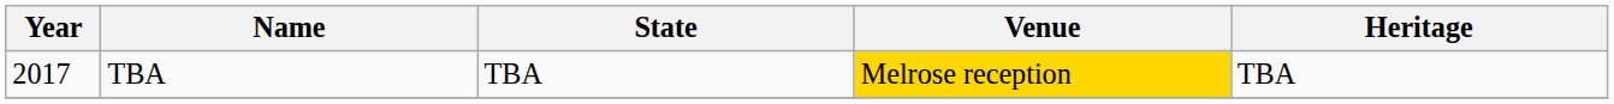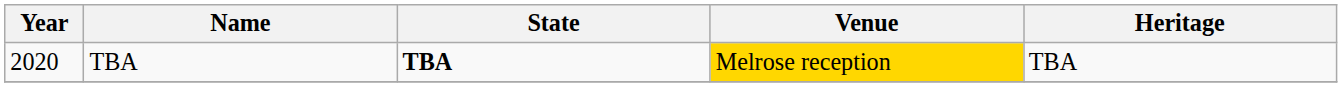 <table class="wikitable sortable collapsible">
 <tr>
 <th width="45" sortable>Year</th>
 <th width="200">Name</th>
 <th width="200">State</th>
 <th width="200">Venue</th>
 <th width="200">Heritage</th>
 </tr>
 <tr>
-<td>2017</td>
+<td>2020</td>
 <td>TBA</td>
-<td>TBA</td>
+<td><strong>TBA</strong></td>
 <td style="background: gold;">Melrose reception</td>
 <td>TBA</td>
 </tr>
 <tr>
 </tr>
 </table>
